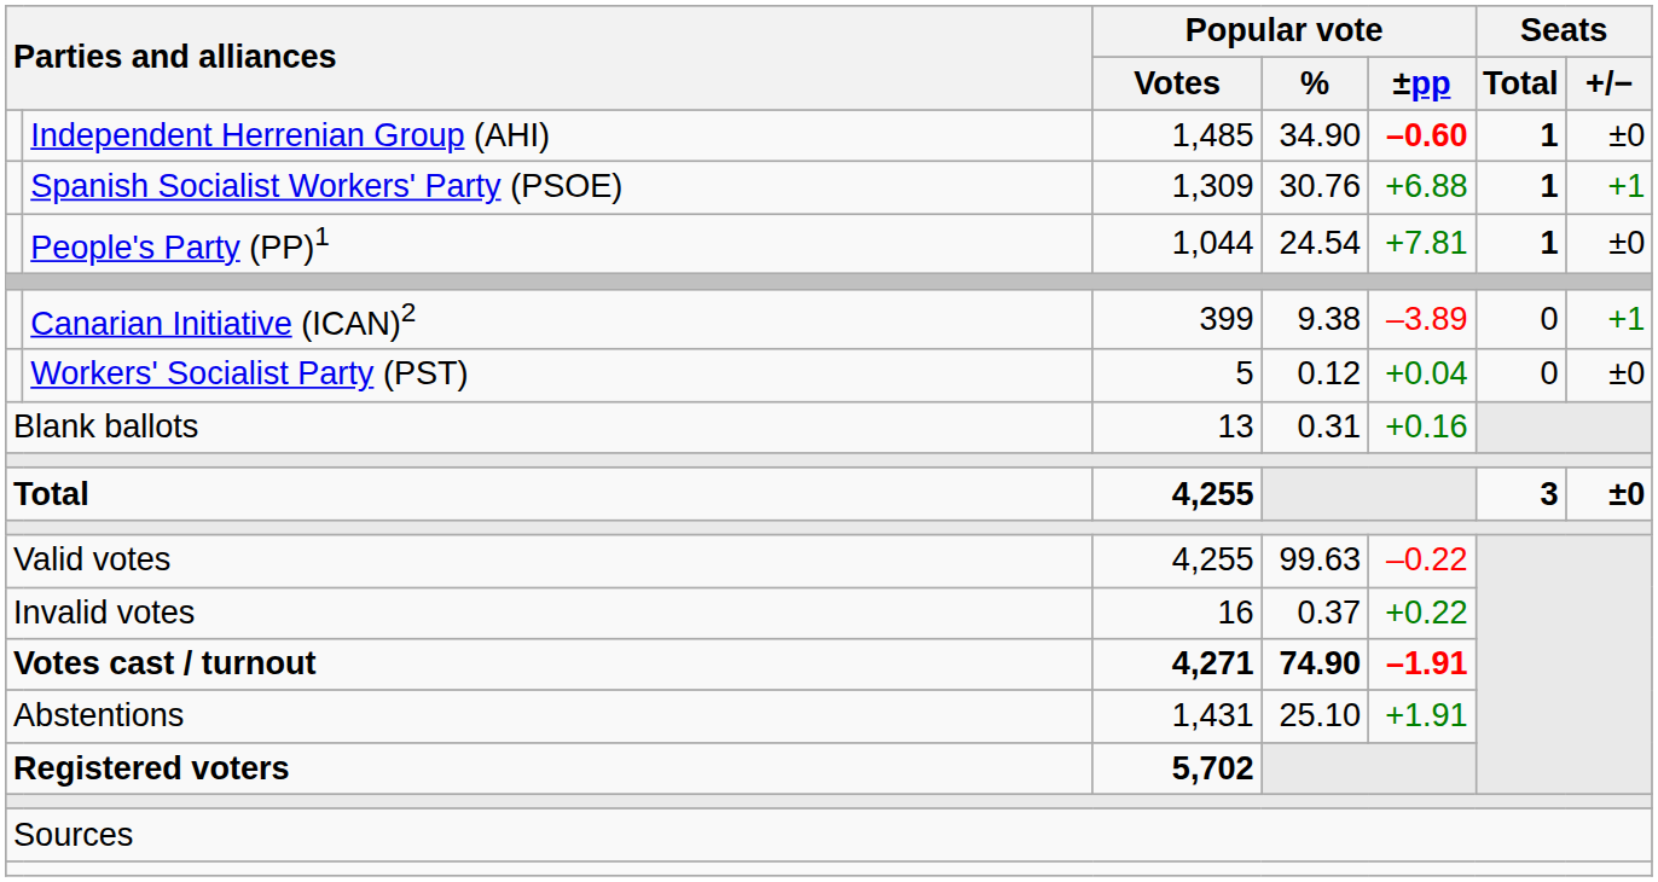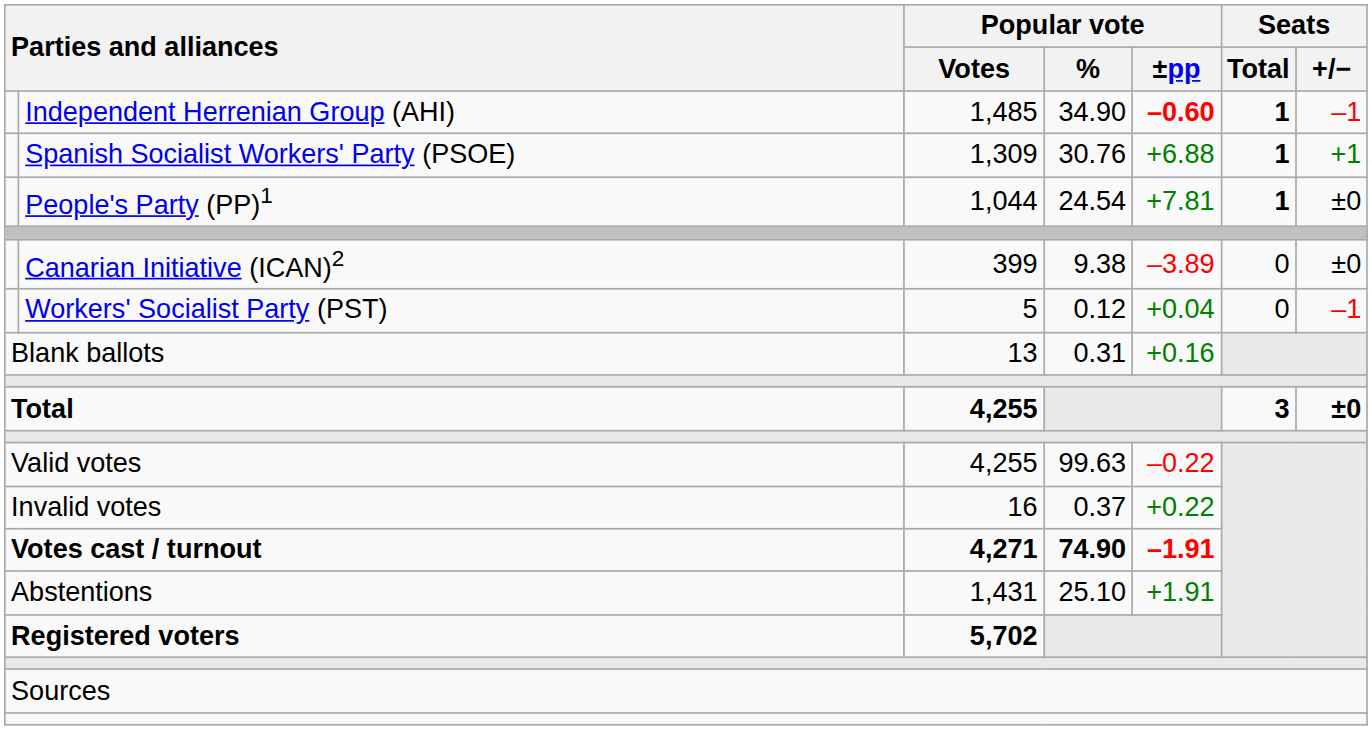 <table class="wikitable" style="text-align:right;">
 <tr>
 <th style="text-align:left;" rowspan="2" colspan="2" width="525">Parties and alliances</th>
 <th colspan="3">Popular vote</th>
 <th colspan="2">Seats</th>
 </tr>
 <tr>
 <th width="75">Votes</th>
 <th width="45">%</th>
 <th width="45">±<a href='#'>pp</a></th>
 <th width="35">Total</th>
 <th width="35">+/−</th>
 </tr>
 <tr>
 <td width="1" style="color:inherit;background:"></td>
 <td align="left"><a href='#'>Independent Herrenian Group</a> (AHI)</td>
 <td>1,485</td>
 <td>34.90</td>
 <td style="color:red;"><strong>–0.60</strong></td>
 <td><strong>1</strong></td>
-<td>±0</td>
+<td style="color:red;">–1</td>
 </tr>
 <tr>
 <td style="color:inherit;background:"></td>
 <td align="left"><a href='#'>Spanish Socialist Workers' Party</a> (PSOE)</td>
 <td>1,309</td>
 <td>30.76</td>
 <td style="color:green;">+6.88</td>
 <td><strong>1</strong></td>
 <td style="color:green;">+1</td>
 </tr>
 <tr>
 <td style="color:inherit;background:"></td>
 <td align="left"><a href='#'>People's Party</a> (PP)<sup>1</sup></td>
 <td>1,044</td>
 <td>24.54</td>
 <td style="color:green;">+7.81</td>
 <td><strong>1</strong></td>
 <td>±0</td>
 </tr>
 <tr>
 <td colspan="7" bgcolor="#C0C0C0"></td>
 </tr>
 <tr>
 <td style="color:inherit;background:"></td>
 <td align="left"><a href='#'>Canarian Initiative</a> (ICAN)<sup>2</sup></td>
 <td>399</td>
 <td>9.38</td>
 <td style="color:red;">–3.89</td>
 <td>0</td>
-<td style="color:green;">+1</td>
+<td>±0</td>
 </tr>
 <tr>
 <td style="color:inherit;background:"></td>
 <td align="left"><a href='#'>Workers' Socialist Party</a> (PST)</td>
 <td>5</td>
 <td>0.12</td>
 <td style="color:green;">+0.04</td>
 <td>0</td>
-<td>±0</td>
+<td style="color:red;">–1</td>
 </tr>
 <tr>
 <td align="left" colspan="2">Blank ballots</td>
 <td>13</td>
 <td>0.31</td>
 <td style="color:green;">+0.16</td>
 <td bgcolor="#E9E9E9" colspan="2"></td>
 </tr>
 <tr>
 <td colspan="7" bgcolor="#E9E9E9"></td>
 </tr>
 <tr style="font-weight:bold;">
 <td align="left" colspan="2">Total</td>
 <td>4,255</td>
 <td bgcolor="#E9E9E9" colspan="2"></td>
 <td>3</td>
 <td>±0</td>
 </tr>
 <tr>
 <td colspan="7" bgcolor="#E9E9E9"></td>
 </tr>
 <tr>
 <td align="left" colspan="2">Valid votes</td>
 <td>4,255</td>
 <td>99.63</td>
 <td style="color:red;">–0.22</td>
 <td bgcolor="#E9E9E9" colspan="2" rowspan="5"></td>
 </tr>
 <tr>
 <td align="left" colspan="2">Invalid votes</td>
 <td>16</td>
 <td>0.37</td>
 <td style="color:green;">+0.22</td>
 </tr>
 <tr style="font-weight:bold;">
 <td align="left" colspan="2">Votes cast / turnout</td>
 <td>4,271</td>
 <td>74.90</td>
 <td style="color:red;">–1.91</td>
 </tr>
 <tr>
 <td align="left" colspan="2">Abstentions</td>
 <td>1,431</td>
 <td>25.10</td>
 <td style="color:green;">+1.91</td>
 </tr>
 <tr style="font-weight:bold;">
 <td align="left" colspan="2">Registered voters</td>
 <td>5,702</td>
 <td bgcolor="#E9E9E9" colspan="2"></td>
 </tr>
 <tr>
 <td colspan="7" bgcolor="#E9E9E9"></td>
 </tr>
 <tr>
 <td align="left" colspan="7">Sources</td>
 </tr>
 <tr>
 <td colspan="7" style="text-align:left; max-width:790px;"></td>
 </tr>
 </table>
